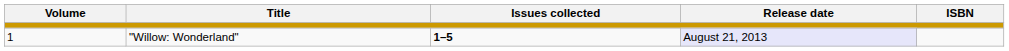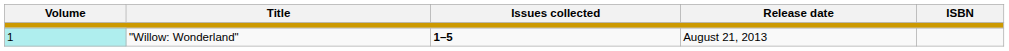 <table class="wikitable" style="width:70%">
 <tr>
 <th>Volume</th>
 <th>Title</th>
 <th>Issues collected</th>
 <th>Release date</th>
 <th>ISBN</th>
 </tr>
 <tr>
 <td colspan="6" style="background:#cc9900;"></td>
 </tr>
 <tr>
-<td>1</td>
+<td style="background: paleturquoise;">1</td>
 <td>"Willow: Wonderland"</td>
 <td><strong>1–5</strong></td>
-<td style="background: lavender;">August 21, 2013</td>
+<td>August 21, 2013</td>
 <td></td>
 </tr>
 </table>
